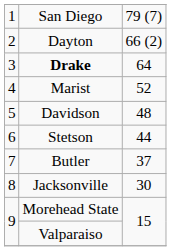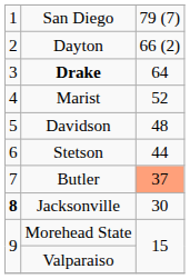 <table class="wikitable">
 <tr align="center">
 </tr>
 <tr align="center">
 <td>1</td>
 <td>San Diego</td>
 <td>79 (7)</td>
 </tr>
 <tr align="center">
 <td>2</td>
 <td>Dayton</td>
 <td>66 (2)</td>
 </tr>
 <tr align="center">
 <td>3</td>
 <td><strong>Drake</strong></td>
 <td>64</td>
 </tr>
 <tr align="center">
 <td>4</td>
 <td>Marist</td>
 <td>52</td>
 </tr>
 <tr align="center">
 <td>5</td>
 <td>Davidson</td>
 <td>48</td>
 </tr>
 <tr align="center">
 <td>6</td>
 <td>Stetson</td>
 <td>44</td>
 </tr>
 <tr align="center">
 <td>7</td>
 <td>Butler</td>
-<td>37</td>
+<td style="background: lightsalmon;">37</td>
 </tr>
 <tr align="center">
-<td>8</td>
+<td><strong>8</strong></td>
 <td>Jacksonville</td>
 <td>30</td>
 </tr>
 <tr align="center">
 <td rowspan=2>9</td>
 <td>Morehead State</td>
 <td rowspan=2>15</td>
 </tr>
 <tr align="center">
 <td>Valparaiso</td>
 </tr>
 <tr>
 </tr>
 </table>
